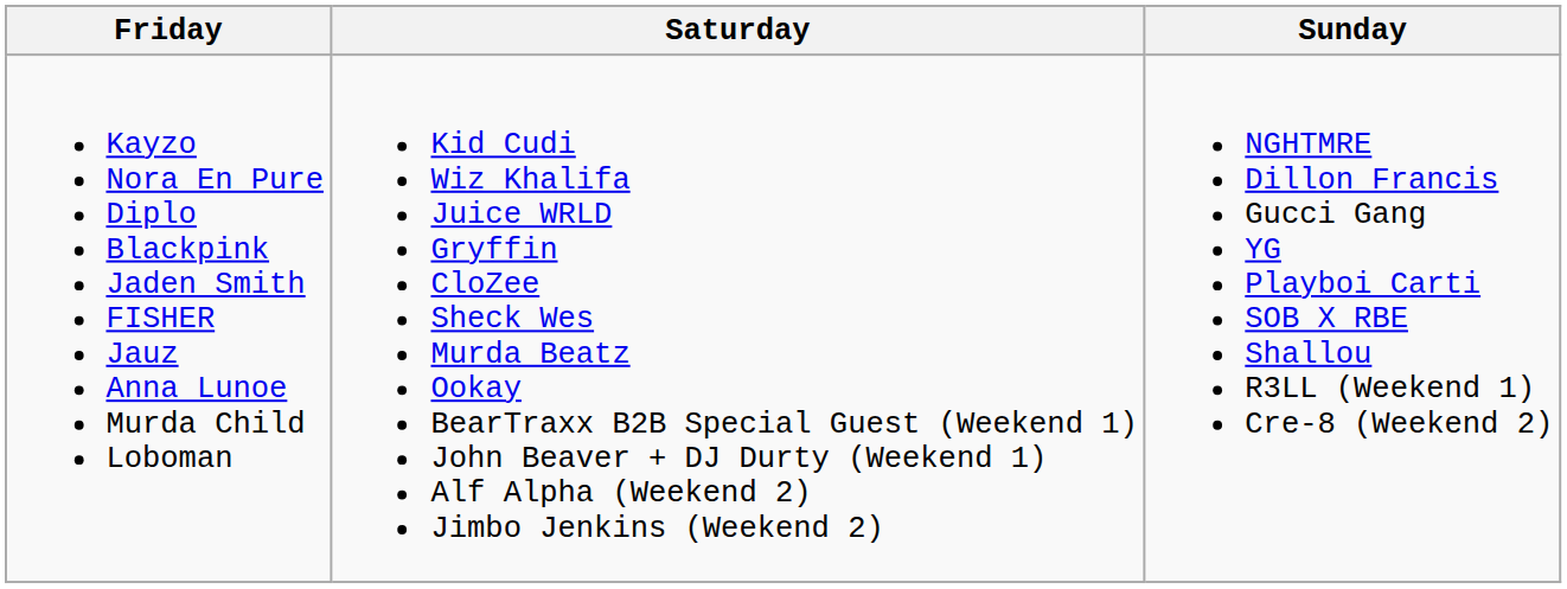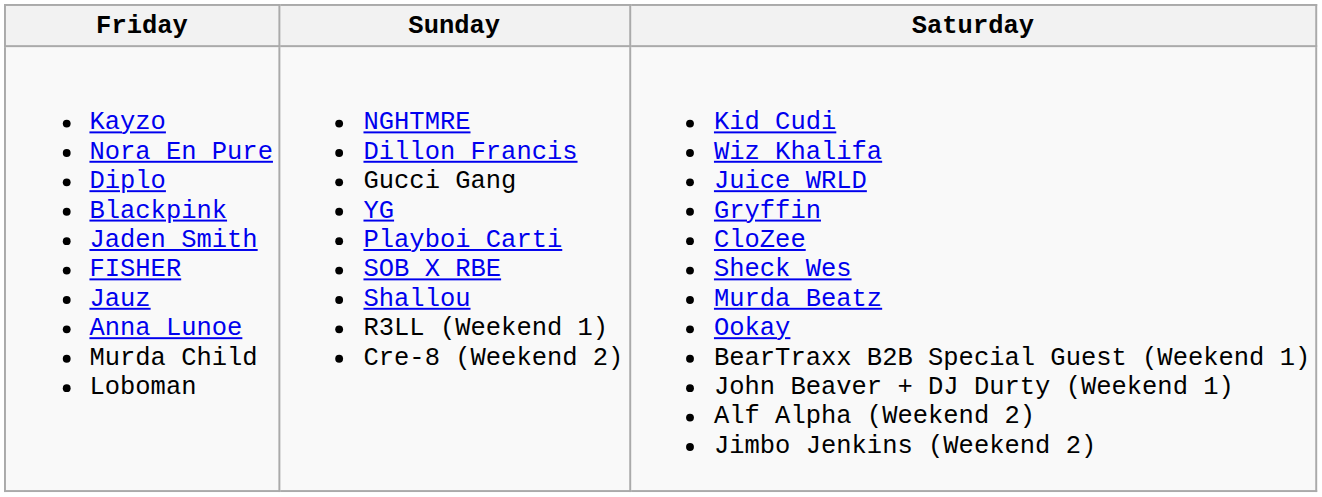 <table class="wikitable">
 <tr>
 <th>Friday</th>
+<th>Sunday</th>
 <th>Saturday</th>
-<th>Sunday</th>
 </tr>
 <tr valign="top">
 <td><br><ul><li><a href='#'>Kayzo</a></li><li><a href='#'>Nora En Pure</a></li><li><a href='#'>Diplo</a></li><li><a href='#'>Blackpink</a></li><li><a href='#'>Jaden Smith</a></li><li><a href='#'>FISHER</a></li><li><a href='#'>Jauz</a></li><li><a href='#'>Anna Lunoe</a></li><li>Murda Child</li><li>Loboman</li></ul></td>
+<td><br><ul><li><a href='#'>NGHTMRE</a></li><li><a href='#'>Dillon Francis</a></li><li>Gucci Gang</li><li><a href='#'>YG</a></li><li><a href='#'>Playboi Carti</a></li><li><a href='#'>SOB X RBE</a></li><li><a href='#'>Shallou</a></li><li>R3LL (Weekend 1)</li><li>Cre-8 (Weekend 2)</li></ul></td>
 <td><br><ul><li><a href='#'>Kid Cudi</a></li><li><a href='#'>Wiz Khalifa</a></li><li><a href='#'>Juice WRLD</a></li><li><a href='#'>Gryffin</a></li><li><a href='#'>CloZee</a></li><li><a href='#'>Sheck Wes</a></li><li><a href='#'>Murda Beatz</a></li><li><a href='#'>Ookay</a></li><li>BearTraxx B2B Special Guest (Weekend 1)</li><li>John Beaver + DJ Durty (Weekend 1)</li><li>Alf Alpha (Weekend 2)</li><li>Jimbo Jenkins (Weekend 2)</li></ul></td>
-<td><br><ul><li><a href='#'>NGHTMRE</a></li><li><a href='#'>Dillon Francis</a></li><li>Gucci Gang</li><li><a href='#'>YG</a></li><li><a href='#'>Playboi Carti</a></li><li><a href='#'>SOB X RBE</a></li><li><a href='#'>Shallou</a></li><li>R3LL (Weekend 1)</li><li>Cre-8 (Weekend 2)</li></ul></td>
 </tr>
 </table>
